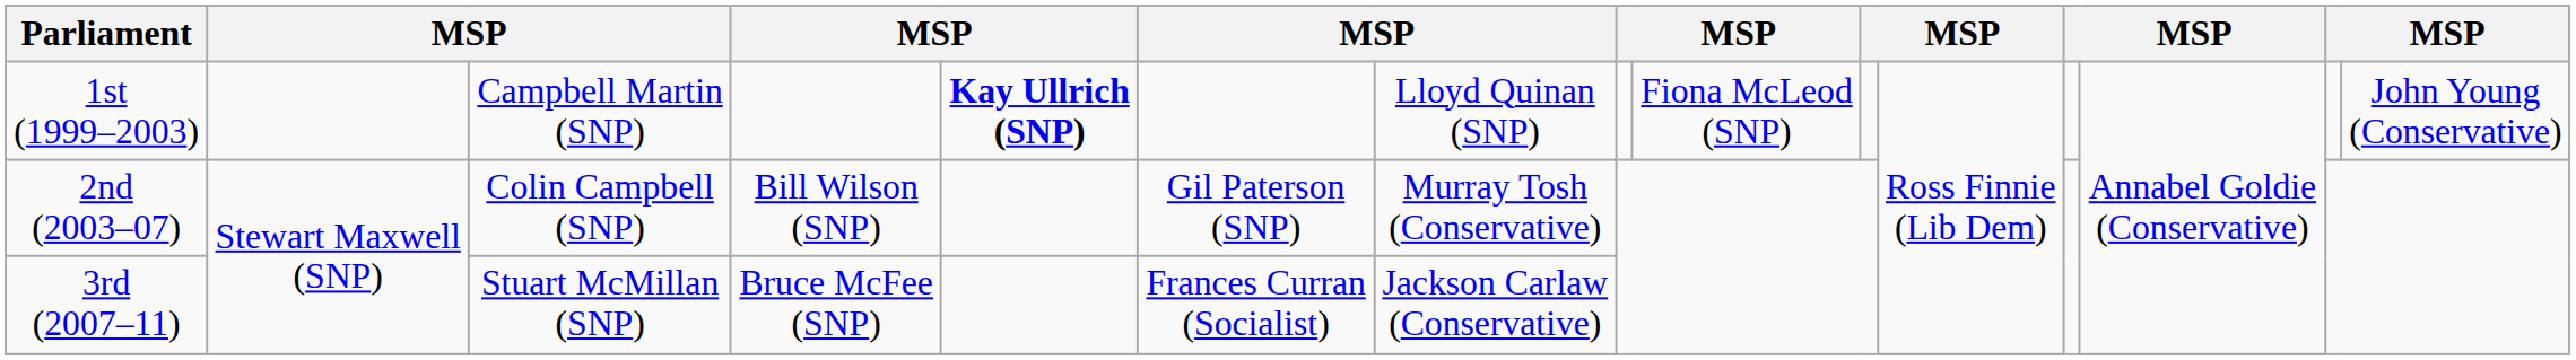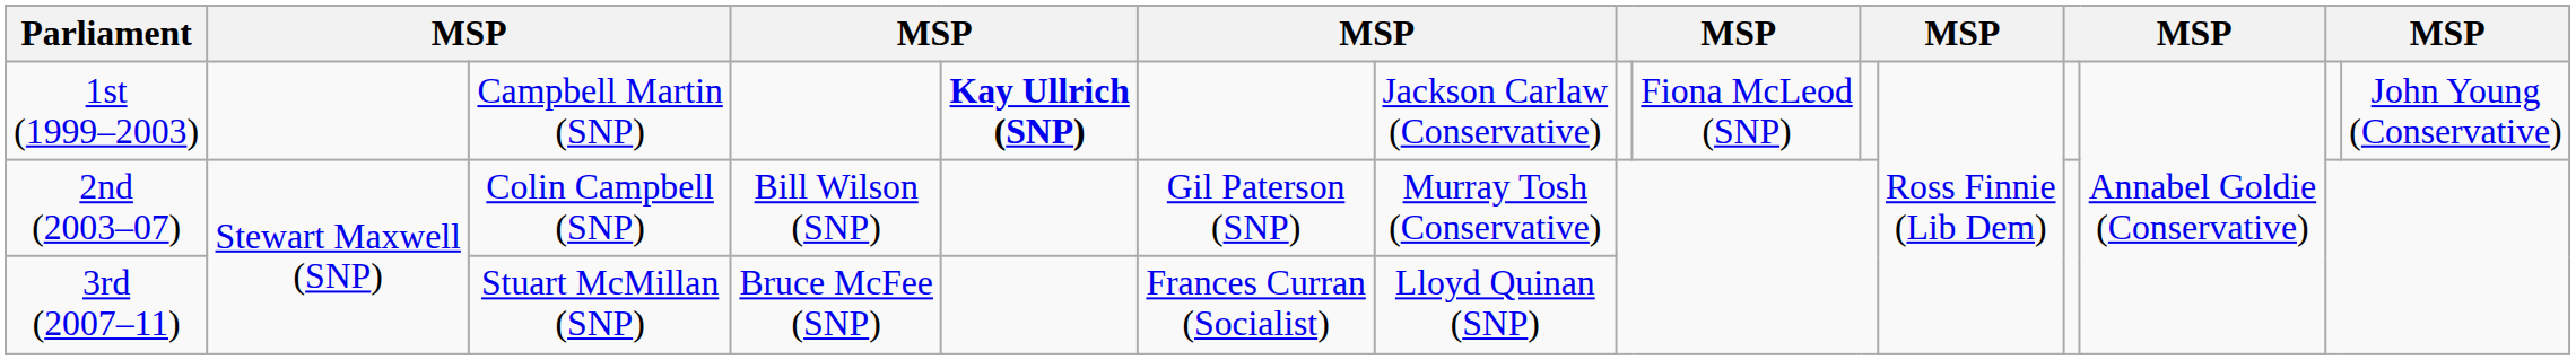 <table class="wikitable" style="text-align:center">
 <tr>
 <th>Parliament</th>
 <th colspan="2">MSP</th>
 <th colspan="2">MSP</th>
 <th colspan="2">MSP</th>
 <th colspan="2">MSP</th>
 <th colspan="2">MSP</th>
 <th colspan="2">MSP</th>
 <th colspan="2">MSP</th>
 </tr>
 <tr>
 <td><a href='#'>1st</a> <br>(<a href='#'>1999–2003</a>)</td>
 <td></td>
 <td><a href='#'>Campbell Martin</a><br>(<a href='#'>SNP</a>)</td>
 <td></td>
 <td><strong><a href='#'>Kay Ullrich</a><br>(<a href='#'>SNP</a>)</strong></td>
 <td></td>
-<td><a href='#'>Lloyd Quinan</a><br>(<a href='#'>SNP</a>)</td>
+<td><a href='#'>Jackson Carlaw</a><br>(<a href='#'>Conservative</a>)</td>
 <td></td>
 <td><a href='#'>Fiona McLeod</a> <br>(<a href='#'>SNP</a>)</td>
 <td></td>
 <td rowspan="3"><a href='#'>Ross Finnie</a><br>(<a href='#'>Lib Dem</a>)</td>
 <td></td>
 <td rowspan="3"><a href='#'>Annabel Goldie</a><br>(<a href='#'>Conservative</a>)</td>
 <td></td>
 <td><a href='#'>John Young</a><br>(<a href='#'>Conservative</a>)</td>
 </tr>
 <tr>
 <td><a href='#'>2nd</a> <br>(<a href='#'>2003–07</a>)</td>
 <td rowspan="2"><a href='#'>Stewart Maxwell</a> <br>(<a href='#'>SNP</a>)</td>
 <td><a href='#'>Colin Campbell</a><br>(<a href='#'>SNP</a>)</td>
 <td><a href='#'>Bill Wilson</a><br>(<a href='#'>SNP</a>)</td>
 <td></td>
 <td><a href='#'>Gil Paterson</a><br>(<a href='#'>SNP</a>)</td>
 <td><a href='#'>Murray Tosh</a><br>(<a href='#'>Conservative</a>)</td>
 </tr>
 <tr>
 <td><a href='#'>3rd</a> <br>(<a href='#'>2007–11</a>)</td>
 <td><a href='#'>Stuart McMillan</a><br>(<a href='#'>SNP</a>)</td>
 <td><a href='#'>Bruce McFee</a><br>(<a href='#'>SNP</a>)</td>
 <td></td>
 <td rowspan="1"><a href='#'>Frances Curran</a><br>(<a href='#'>Socialist</a>)</td>
-<td><a href='#'>Jackson Carlaw</a><br>(<a href='#'>Conservative</a>)</td>
+<td><a href='#'>Lloyd Quinan</a><br>(<a href='#'>SNP</a>)</td>
 </tr>
 <tr>
 </tr>
 </table>
